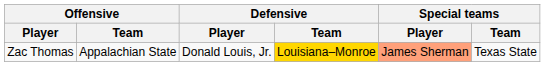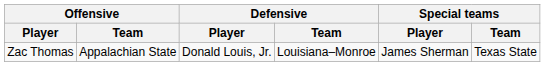 <table class="wikitable">
 <tr>
 <th colspan="2">Offensive</th>
 <th colspan="2">Defensive</th>
 <th colspan="2">Special teams</th>
 </tr>
 <tr>
 <th>Player</th>
 <th>Team</th>
 <th>Player</th>
 <th>Team</th>
 <th>Player</th>
 <th>Team</th>
 </tr>
 <tr>
 <td>Zac Thomas</td>
 <td>Appalachian State</td>
 <td>Donald Louis, Jr.</td>
-<td style="background: gold;">Louisiana–Monroe</td>
-<td style="background: lightsalmon;">James Sherman</td>
+<td>Louisiana–Monroe</td>
+<td>James Sherman</td>
 <td>Texas State</td>
 </tr>
 </table>
